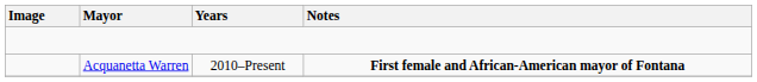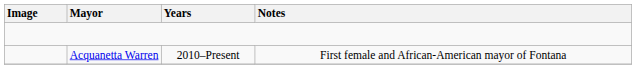 <table class="wikitable" style="text-align:center">
 <tr>
 <th style="text-align:left; width:10%;">Image</th>
 <th style="text-align:left; width:15%;">Mayor</th>
 <th style="text-align:left; width:15%;">Years</th>
 <th style="text-align:left; width:60%;">Notes</th>
 </tr>
 <tr style="height:2em">
 </tr>
 <tr>
 <td></td>
 <td><a href='#'>Acquanetta Warren</a></td>
 <td>2010–Present</td>
-<td><strong>First female and African-American mayor of Fontana</strong></td>
+<td>First female and African-American mayor of Fontana</td>
 </tr>
 <tr>
 </tr>
 </table>
